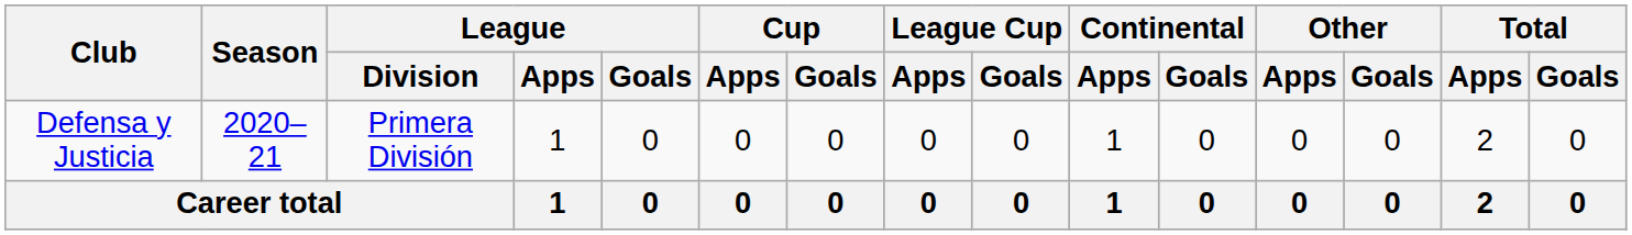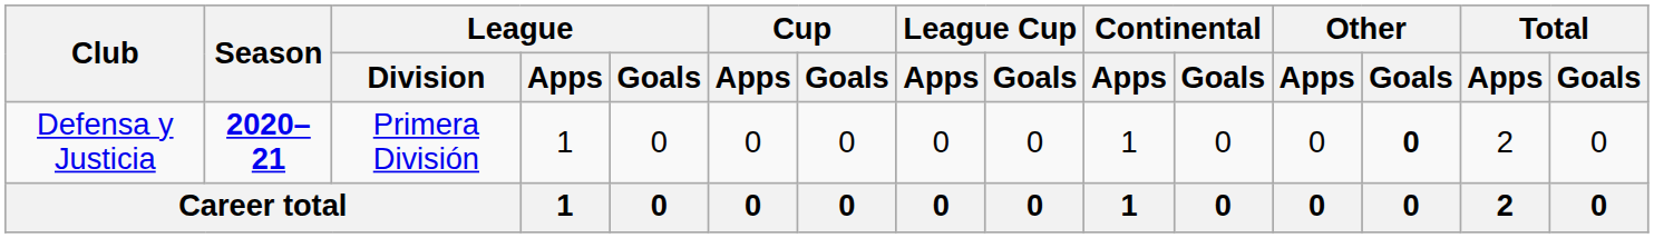 <table class="wikitable" style="text-align:center">
 <tr>
 <th rowspan="2">Club</th>
 <th rowspan="2">Season</th>
 <th colspan="3">League</th>
 <th colspan="2">Cup</th>
 <th colspan="2">League Cup</th>
 <th colspan="2">Continental</th>
 <th colspan="2">Other</th>
 <th colspan="2">Total</th>
 </tr>
 <tr>
 <th>Division</th>
 <th>Apps</th>
 <th>Goals</th>
 <th>Apps</th>
 <th>Goals</th>
 <th>Apps</th>
 <th>Goals</th>
 <th>Apps</th>
 <th>Goals</th>
 <th>Apps</th>
 <th>Goals</th>
 <th>Apps</th>
 <th>Goals</th>
 </tr>
 <tr>
 <td rowspan="1"><a href='#'>Defensa y Justicia</a></td>
-<td><a href='#'>2020–21</a></td>
+<td><strong><a href='#'>2020–21</a></strong></td>
 <td rowspan="1"><a href='#'>Primera División</a></td>
 <td>1</td>
 <td>0</td>
 <td>0</td>
 <td>0</td>
 <td>0</td>
 <td>0</td>
 <td>1</td>
 <td>0</td>
 <td>0</td>
-<td>0</td>
+<td><strong>0</strong></td>
 <td>2</td>
 <td>0</td>
 </tr>
 <tr>
 <th colspan="3">Career total</th>
 <th>1</th>
 <th>0</th>
 <th>0</th>
 <th>0</th>
 <th>0</th>
 <th>0</th>
 <th>1</th>
 <th>0</th>
 <th>0</th>
 <th>0</th>
 <th>2</th>
 <th>0</th>
 </tr>
 </table>
